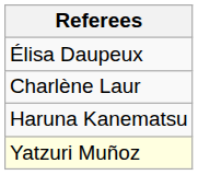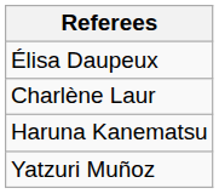 <table class="wikitable">
 <tr>
 <th>Referees</th>
 </tr>
 <tr>
 <td> Élisa Daupeux</td>
 </tr>
 <tr>
 <td> Charlène Laur</td>
 </tr>
 <tr>
 <td> Haruna Kanematsu</td>
 </tr>
 <tr>
-<td style="background: lightyellow;"> Yatzuri Muñoz</td>
+<td> Yatzuri Muñoz</td>
 </tr>
 </table>
